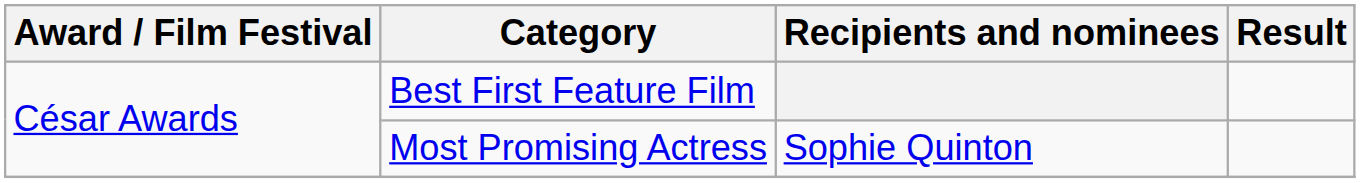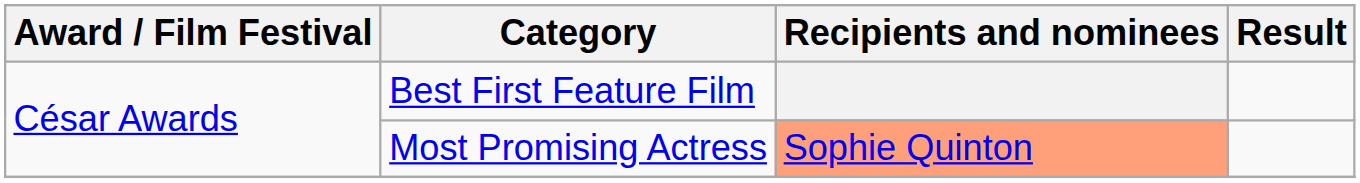 <table class="wikitable plainrowheaders sortable">
 <tr style="background:#ccc; text-align:center;">
 <th scope="col">Award / Film Festival</th>
 <th scope="col">Category</th>
 <th scope="col">Recipients and nominees</th>
 <th scope="col">Result</th>
 </tr>
 <tr>
 <td rowspan=2><a href='#'>César Awards</a></td>
 <td><a href='#'>Best First Feature Film</a></td>
 <th></th>
 <td></td>
 </tr>
 <tr>
 <td><a href='#'>Most Promising Actress</a></td>
-<td><a href='#'>Sophie Quinton</a></td>
+<td style="background: lightsalmon;"><a href='#'>Sophie Quinton</a></td>
 <td></td>
 </tr>
 <tr>
 </tr>
 </table>
